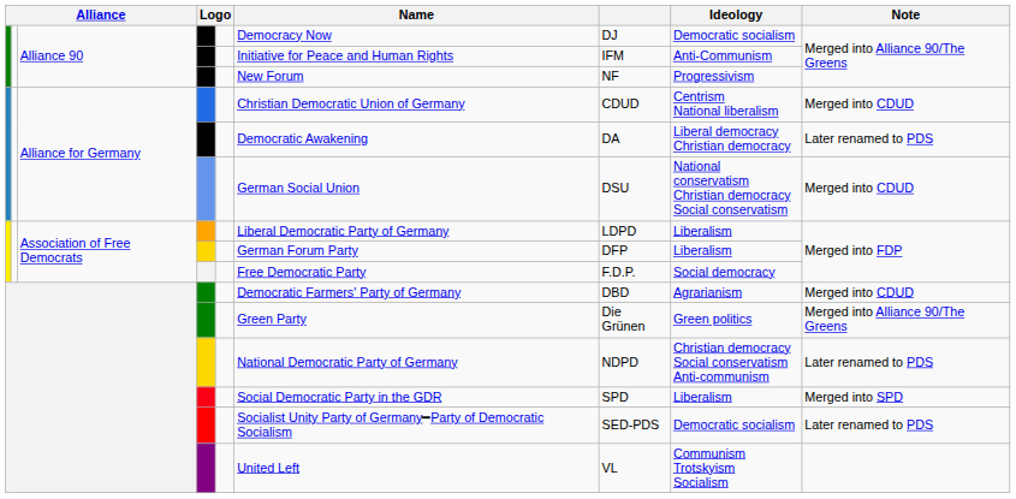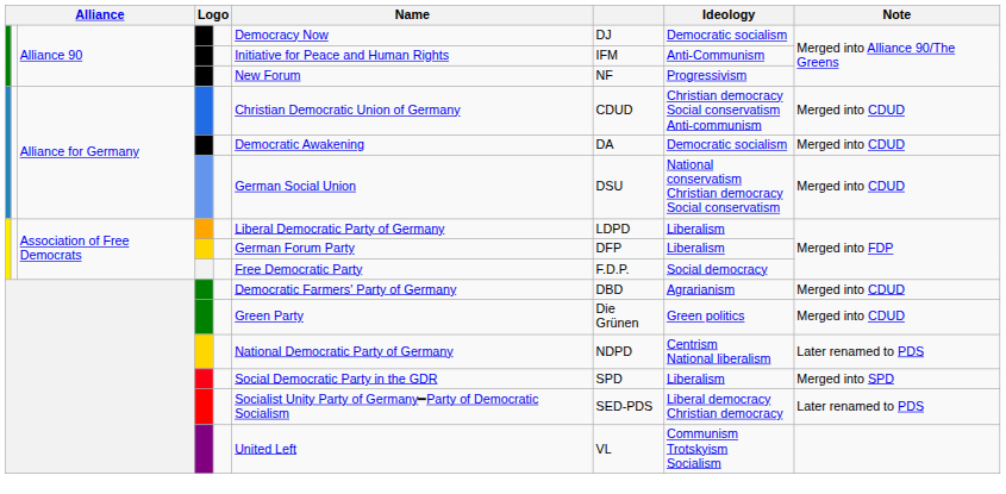 <table class="wikitable">
 <tr>
 <th colspan="3"><a href='#'>Alliance</a></th>
 <th colspan="2">Logo</th>
 <th>Name</th>
 <th></th>
 <th>Ideology</th>
 <th>Note</th>
 </tr>
 <tr>
 <th rowspan="3" style="background:#008000;"></th>
 <td rowspan="3"></td>
 <td rowspan="3"><a href='#'>Alliance 90</a></td>
 <th style="background:black;"></th>
 <td></td>
 <td><a href='#'>Democracy Now</a><br></td>
 <td>DJ</td>
 <td><a href='#'>Democratic socialism</a></td>
 <td rowspan="3">Merged into <a href='#'>Alliance 90/The Greens</a></td>
 </tr>
 <tr>
 <th style="background:black;"></th>
 <td></td>
 <td><a href='#'>Initiative for Peace and Human Rights</a><br></td>
 <td>IFM</td>
 <td><a href='#'>Anti-Communism</a></td>
 </tr>
 <tr>
 <th style="background:black;"></th>
 <td></td>
 <td><a href='#'>New Forum</a><br></td>
 <td>NF</td>
 <td><a href='#'>Progressivism</a></td>
 </tr>
 <tr>
 <th rowspan="3" style="background:#2483BB;"></th>
 <td rowspan="3"></td>
 <td rowspan="3"><a href='#'>Alliance for Germany</a></td>
 <th style="background:#216CE5;"></th>
 <td></td>
 <td><a href='#'>Christian Democratic Union of Germany</a><br></td>
 <td>CDUD</td>
-<td><a href='#'>Centrism</a><br><a href='#'>National liberalism</a></td>
+<td><a href='#'>Christian democracy</a><br><a href='#'>Social conservatism</a><br><a href='#'>Anti-communism</a></td>
 <td>Merged into <a href='#'>CDUD</a></td>
 </tr>
 <tr>
 <th style="background:black;"></th>
 <td></td>
 <td><a href='#'>Democratic Awakening</a><br></td>
 <td>DA</td>
-<td><a href='#'>Liberal democracy</a><br><a href='#'>Christian democracy</a></td>
-<td>Later renamed to <a href='#'>PDS</a></td>
+<td><a href='#'>Democratic socialism</a></td>
+<td>Merged into <a href='#'>CDUD</a></td>
 </tr>
 <tr>
 <th style="background:#6495ED;"></th>
 <td></td>
 <td><a href='#'>German Social Union</a><br></td>
 <td>DSU</td>
 <td><a href='#'>National conservatism</a><br><a href='#'>Christian democracy</a><br><a href='#'>Social conservatism</a></td>
 <td>Merged into <a href='#'>CDUD</a></td>
 </tr>
 <tr>
 <th rowspan="3" style="background:#FFED00;"></th>
 <td rowspan="3"></td>
 <td rowspan="3"><a href='#'>Association of Free Democrats</a></td>
 <th style="background:#FFA500;"></th>
 <td></td>
 <td><a href='#'>Liberal Democratic Party of Germany</a><br></td>
 <td>LDPD</td>
 <td><a href='#'>Liberalism</a></td>
 <td rowspan="3">Merged into <a href='#'>FDP</a></td>
 </tr>
 <tr>
 <th style="background:#FFD700;"></th>
 <td></td>
 <td><a href='#'>German Forum Party</a><br></td>
 <td>DFP</td>
 <td><a href='#'>Liberalism</a></td>
 </tr>
 <tr>
 <th></th>
 <td></td>
 <td><a href='#'>Free Democratic Party</a><br></td>
 <td>F.D.P.</td>
 <td><a href='#'>Social democracy</a></td>
 </tr>
 <tr>
 <th colspan="3" rowspan="6"></th>
 <th style="background:#008000;"></th>
 <td></td>
 <td><a href='#'>Democratic Farmers' Party of Germany</a><br></td>
 <td>DBD</td>
 <td><a href='#'>Agrarianism</a></td>
 <td>Merged into <a href='#'>CDUD</a></td>
 </tr>
 <tr>
 <th style="background:#008000;"></th>
 <td></td>
 <td><a href='#'>Green Party</a><br></td>
 <td>Die Grünen</td>
 <td><a href='#'>Green politics</a></td>
-<td>Merged into <a href='#'>Alliance 90/The Greens</a></td>
+<td>Merged into <a href='#'>CDUD</a></td>
 </tr>
 <tr>
 <th style="background:#FFD700;"></th>
 <td></td>
 <td><a href='#'>National Democratic Party of Germany</a><br></td>
 <td>NDPD</td>
-<td><a href='#'>Christian democracy</a><br><a href='#'>Social conservatism</a><br><a href='#'>Anti-communism</a></td>
+<td><a href='#'>Centrism</a><br><a href='#'>National liberalism</a></td>
 <td>Later renamed to <a href='#'>PDS</a></td>
 </tr>
 <tr>
 <th style="background:#FA0015;"></th>
 <td></td>
 <td><a href='#'>Social Democratic Party in the GDR</a><br></td>
 <td>SPD</td>
 <td><a href='#'>Liberalism</a></td>
 <td>Merged into <a href='#'>SPD</a></td>
 </tr>
 <tr>
 <th style="background:#FF0000;"></th>
 <td></td>
 <td><a href='#'>Socialist Unity Party of Germany</a>━<a href='#'>Party of Democratic Socialism</a><br></td>
 <td>SED-PDS</td>
-<td><a href='#'>Democratic socialism</a></td>
+<td><a href='#'>Liberal democracy</a><br><a href='#'>Christian democracy</a></td>
 <td>Later renamed to <a href='#'>PDS</a></td>
 </tr>
 <tr>
 <th style="background:#800080;"></th>
 <td></td>
 <td><a href='#'>United Left</a><br></td>
 <td>VL</td>
 <td><a href='#'>Communism</a><br><a href='#'>Trotskyism</a><br><a href='#'>Socialism</a></td>
 <td></td>
 </tr>
 </table>
